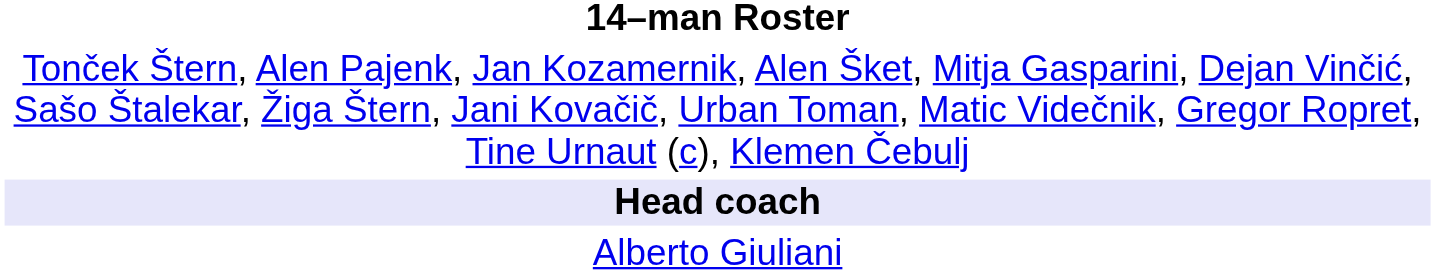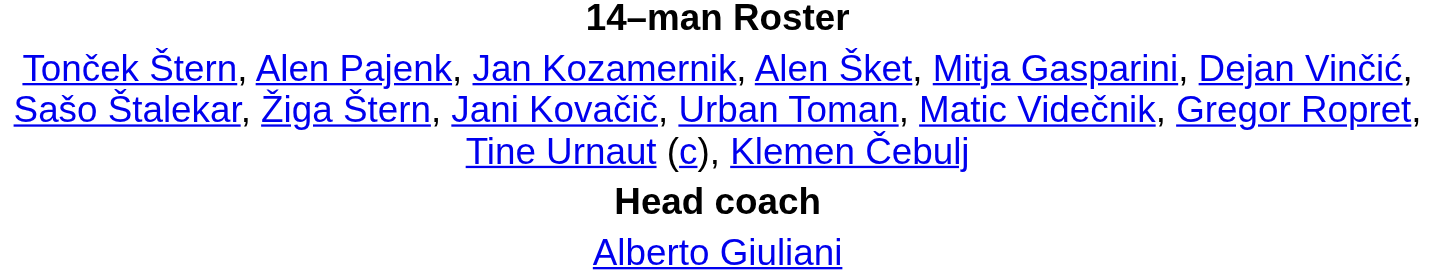 <table style="text-align:center; margin-top:2em; margin-left:auto; margin-right:auto">
 <tr>
 <td><strong>14–man Roster</strong></td>
 </tr>
 <tr>
 <td><a href='#'>Tonček Štern</a>, <a href='#'>Alen Pajenk</a>, <a href='#'>Jan Kozamernik</a>, <a href='#'>Alen Šket</a>, <a href='#'>Mitja Gasparini</a>, <a href='#'>Dejan Vinčić</a>, <a href='#'>Sašo Štalekar</a>, <a href='#'>Žiga Štern</a>, <a href='#'>Jani Kovačič</a>, <a href='#'>Urban Toman</a>, <a href='#'>Matic Videčnik</a>, <a href='#'>Gregor Ropret</a>, <a href='#'>Tine Urnaut</a> (<a href='#'>c</a>), <a href='#'>Klemen Čebulj</a></td>
 </tr>
 <tr>
-<td style="background: lavender;"><strong>Head coach</strong></td>
+<td><strong>Head coach</strong></td>
 </tr>
 <tr>
 <td> <a href='#'>Alberto Giuliani</a></td>
 </tr>
 </table>
